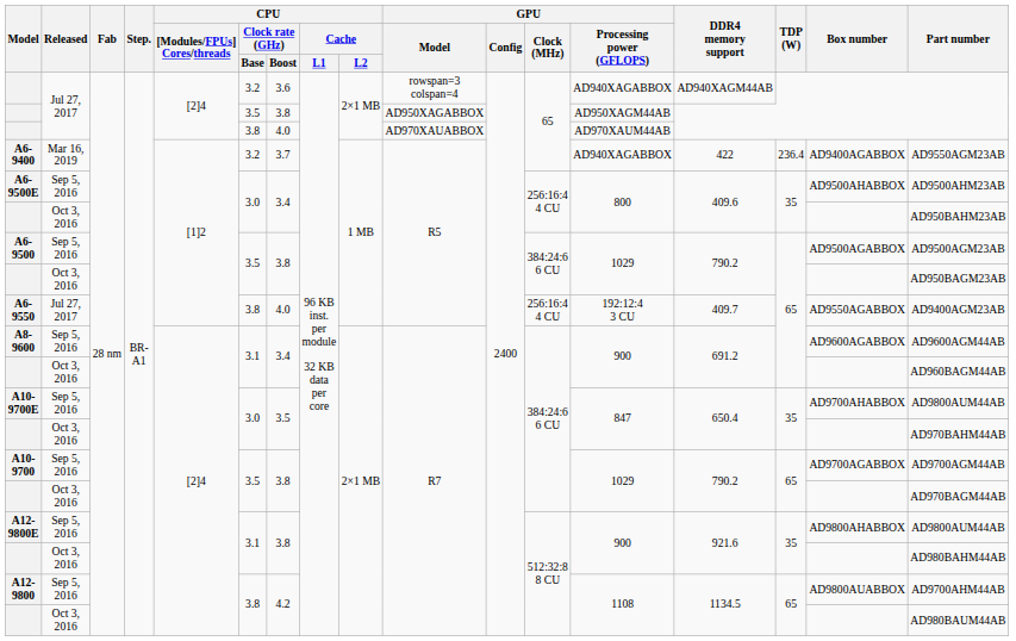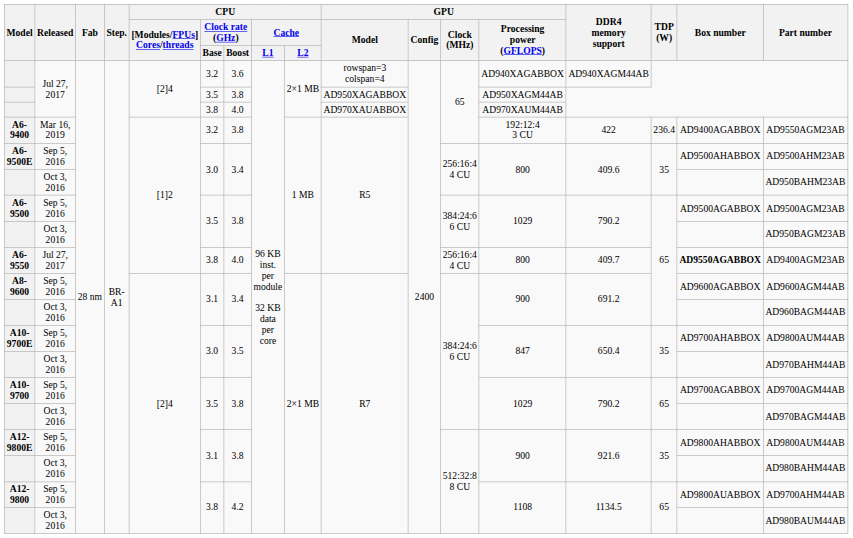 <table class="wikitable" style="text-align:center;">
 <tr>
 <th rowspan="3">Model</th>
 <th rowspan="3">Released</th>
 <th rowspan="3">Fab</th>
 <th rowspan="3">Step.</th>
 <th colspan="5">CPU</th>
 <th colspan="4">GPU</th>
 <th rowspan="3">DDR4<br>memory<br>support</th>
 <th rowspan="3">TDP<br>(W)</th>
 <th rowspan="3">Box number</th>
 <th rowspan="3">Part number</th>
 </tr>
 <tr>
 <th rowspan="2">[Modules/<a href='#'>FPUs</a>]<br><a href='#'>Cores</a>/<a href='#'>threads</a></th>
 <th colspan="2"><a href='#'>Clock rate</a> (<a href='#'>GHz</a>)</th>
 <th colspan="2"><a href='#'>Cache</a></th>
 <th rowspan="2">Model</th>
 <th rowspan="2">Config</th>
 <th rowspan="2">Clock<br>(MHz)</th>
 <th rowspan="2">Processing<br>power<br>(<a href='#'>GFLOPS</a>)</th>
 </tr>
 <tr>
 <th>Base</th>
 <th>Boost</th>
 <th><a href='#'>L1</a></th>
 <th><a href='#'>L2</a></th>
 </tr>
 <tr>
 <th></th>
 <td rowspan=3>Jul 27, 2017</td>
 <td rowspan=19>28 nm</td>
 <td rowspan=19>BR-A1</td>
 <td rowspan=3>[2]4</td>
 <td>3.2</td>
 <td>3.6</td>
 <td rowspan=19>96 KB inst.<br>per module<br><br>32 KB data<br>per core</td>
 <td rowspan=3>2×1 MB</td>
 <td>rowspan=3 colspan=4 </td>
 <td rowspan=19>2400</td>
 <td rowspan=4>65</td>
 <td>AD940XAGABBOX</td>
 <td>AD940XAGM44AB</td>
 </tr>
 <tr>
 <th></th>
 <td>3.5</td>
 <td>3.8</td>
 <td>AD950XAGABBOX</td>
 <td>AD950XAGM44AB</td>
 </tr>
 <tr>
 <th></th>
 <td>3.8</td>
 <td>4.0</td>
 <td>AD970XAUABBOX</td>
 <td>AD970XAUM44AB</td>
 </tr>
 <tr>
 <th>A6-9400</th>
 <td>Mar 16, 2019</td>
 <td rowspan=6>[1]2</td>
 <td>3.2</td>
-<td>3.7</td>
+<td>3.8</td>
 <td rowspan=6>1 MB</td>
 <td rowspan=6>R5</td>
-<td>AD940XAGABBOX</td>
+<td>192:12:4<br>3 CU</td>
 <td>422</td>
 <td>236.4</td>
 <td>AD9400AGABBOX</td>
 <td>AD9550AGM23AB</td>
 </tr>
 <tr>
 <th>A6-9500E</th>
 <td>Sep 5, 2016</td>
 <td rowspan=2>3.0</td>
 <td rowspan=2>3.4</td>
 <td rowspan=2>256:16:4<br>4 CU</td>
 <td rowspan=2>800</td>
 <td rowspan=2>409.6</td>
 <td rowspan=2>35</td>
 <td>AD9500AHABBOX</td>
 <td>AD9500AHM23AB</td>
 </tr>
 <tr>
 <th></th>
 <td>Oct 3, 2016</td>
 <td></td>
 <td>AD950BAHM23AB</td>
 </tr>
 <tr>
 <th>A6-9500</th>
 <td>Sep 5, 2016</td>
 <td rowspan=2>3.5</td>
 <td rowspan=2>3.8</td>
 <td rowspan=2>384:24:6<br>6 CU</td>
 <td rowspan=2>1029</td>
 <td rowspan=2>790.2</td>
 <td rowspan=5>65</td>
 <td>AD9500AGABBOX</td>
 <td>AD9500AGM23AB</td>
 </tr>
 <tr>
 <th></th>
 <td>Oct 3, 2016</td>
 <td></td>
 <td>AD950BAGM23AB</td>
 </tr>
 <tr>
 <th>A6-9550</th>
 <td>Jul 27, 2017</td>
 <td>3.8</td>
 <td>4.0</td>
 <td>256:16:4<br>4 CU</td>
-<td>192:12:4<br>3 CU</td>
+<td>800</td>
 <td>409.7</td>
-<td>AD9550AGABBOX</td>
+<td><strong>AD9550AGABBOX</strong></td>
 <td>AD9400AGM23AB</td>
 </tr>
 <tr>
 <th>A8-9600</th>
 <td>Sep 5, 2016</td>
 <td rowspan=10>[2]4</td>
 <td rowspan=2>3.1</td>
 <td rowspan=2>3.4</td>
 <td rowspan=10>2×1 MB</td>
 <td rowspan=10>R7</td>
 <td rowspan=6>384:24:6<br>6 CU</td>
 <td rowspan=2>900</td>
 <td rowspan=2>691.2</td>
 <td>AD9600AGABBOX</td>
 <td>AD9600AGM44AB</td>
 </tr>
 <tr>
 <th></th>
 <td>Oct 3, 2016</td>
 <td></td>
 <td>AD960BAGM44AB</td>
 </tr>
 <tr>
 <th>A10-9700E</th>
 <td>Sep 5, 2016</td>
 <td rowspan=2>3.0</td>
 <td rowspan=2>3.5</td>
 <td rowspan=2>847</td>
 <td rowspan=2>650.4</td>
 <td rowspan=2>35</td>
 <td>AD9700AHABBOX</td>
 <td>AD9800AUM44AB</td>
 </tr>
 <tr>
 <th></th>
 <td>Oct 3, 2016</td>
 <td></td>
 <td>AD970BAHM44AB</td>
 </tr>
 <tr>
 <th>A10-9700</th>
 <td>Sep 5, 2016</td>
 <td rowspan=2>3.5</td>
 <td rowspan=2>3.8</td>
 <td rowspan=2>1029</td>
 <td rowspan=2>790.2</td>
 <td rowspan=2>65</td>
 <td>AD9700AGABBOX</td>
 <td>AD9700AGM44AB</td>
 </tr>
 <tr>
 <th></th>
 <td>Oct 3, 2016</td>
 <td></td>
 <td>AD970BAGM44AB</td>
 </tr>
 <tr>
 <th>A12-9800E</th>
 <td>Sep 5, 2016</td>
 <td rowspan=2>3.1</td>
 <td rowspan=2>3.8</td>
 <td rowspan=4>512:32:8<br>8 CU</td>
 <td rowspan=2>900</td>
 <td rowspan=2>921.6</td>
 <td rowspan=2>35</td>
 <td>AD9800AHABBOX</td>
 <td>AD9800AUM44AB</td>
 </tr>
 <tr>
 <th></th>
 <td>Oct 3, 2016</td>
 <td></td>
 <td>AD980BAHM44AB</td>
 </tr>
 <tr>
 <th>A12-9800</th>
 <td>Sep 5, 2016</td>
 <td rowspan=2>3.8</td>
 <td rowspan=2>4.2</td>
 <td rowspan=2>1108</td>
 <td rowspan=2>1134.5</td>
 <td rowspan=2>65</td>
 <td>AD9800AUABBOX</td>
 <td>AD9700AHM44AB</td>
 </tr>
 <tr>
 <th></th>
 <td>Oct 3, 2016</td>
 <td></td>
 <td>AD980BAUM44AB</td>
 </tr>
 </table>
